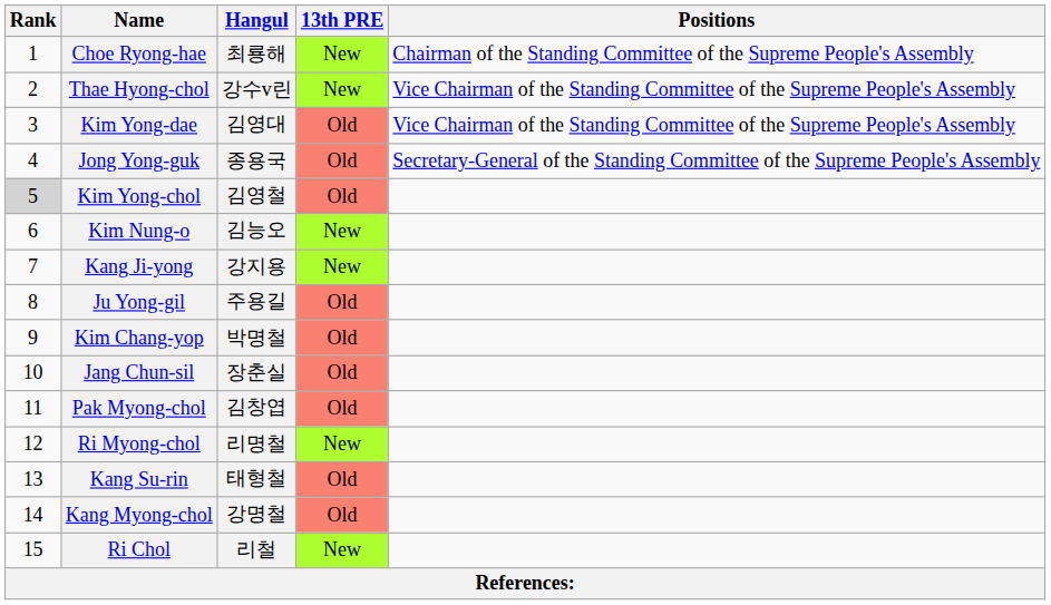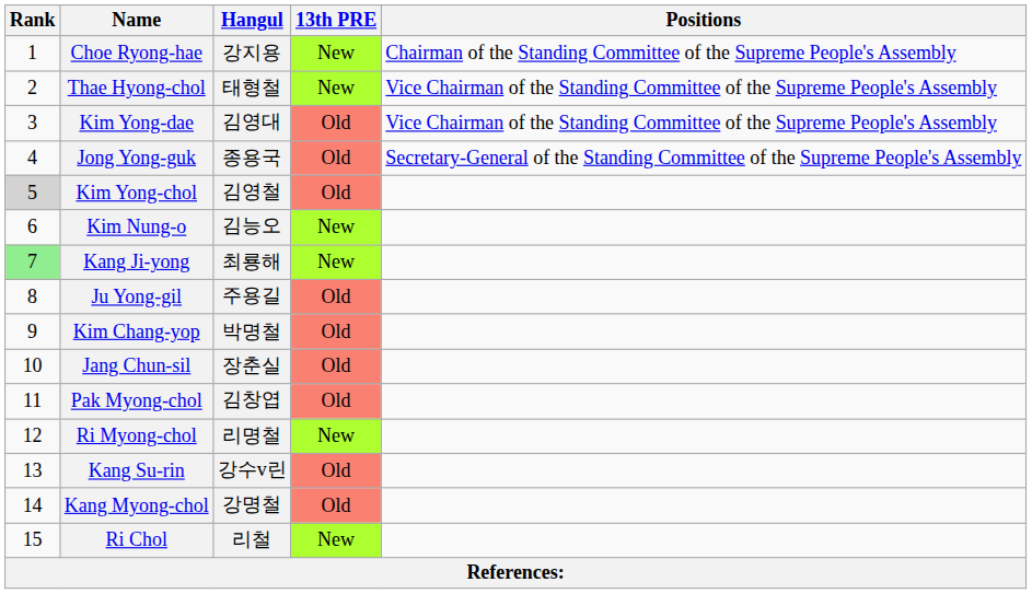 <table class="wikitable sortable">
 <tr>
 <th>Rank</th>
 <th>Name</th>
 <th class="unsortable"><a href='#'>Hangul</a></th>
 <th><a href='#'>13th PRE</a></th>
 <th>Positions</th>
 </tr>
 <tr>
 <td align="center">1</td>
 <th align="center" scope="row" style="font-weight:normal;"><a href='#'>Choe Ryong-hae</a></th>
-<th align="center" scope="row" style="font-weight:normal;">최룡해</th>
+<th align="center" scope="row" style="font-weight:normal;">강지용</th>
 <td align="center" style="background: GreenYellow">New</td>
 <td><a href='#'>Chairman</a> of the <a href='#'>Standing Committee</a> of the <a href='#'>Supreme People's Assembly</a></td>
 </tr>
 <tr>
 <td align="center">2</td>
 <th align="center" scope="row" style="font-weight:normal;"><a href='#'>Thae Hyong-chol</a></th>
-<th align="center" scope="row" style="font-weight:normal;">강수v린</th>
+<th align="center" scope="row" style="font-weight:normal;">태형철</th>
 <td align="center" style="background: GreenYellow">New</td>
 <td><a href='#'>Vice Chairman</a> of the <a href='#'>Standing Committee</a> of the <a href='#'>Supreme People's Assembly</a></td>
 </tr>
 <tr>
 <td align="center">3</td>
 <th align="center" scope="row" style="font-weight:normal;"><a href='#'>Kim Yong-dae</a></th>
 <th align="center" scope="row" style="font-weight:normal;">김영대</th>
 <td style="background: Salmon" align="center">Old</td>
 <td><a href='#'>Vice Chairman</a> of the <a href='#'>Standing Committee</a> of the <a href='#'>Supreme People's Assembly</a></td>
 </tr>
 <tr>
 <td align="center">4</td>
 <th align="center" scope="row" style="font-weight:normal;"><a href='#'>Jong Yong-guk</a></th>
 <th align="center" scope="row" style="font-weight:normal;">종용국</th>
 <td style="background: Salmon" align="center">Old</td>
 <td><a href='#'>Secretary-General</a> of the <a href='#'>Standing Committee</a> of the <a href='#'>Supreme People's Assembly</a></td>
 </tr>
 <tr>
 <td align="center" style="background: lightgrey;">5</td>
 <th align="center" scope="row" style="font-weight:normal;"><a href='#'>Kim Yong-chol</a></th>
 <th align="center" scope="row" style="font-weight:normal;">김영철</th>
 <td style="background: Salmon" align="center">Old</td>
 <td></td>
 </tr>
 <tr>
 <td align="center">6</td>
 <th align="center" scope="row" style="font-weight:normal;"><a href='#'>Kim Nung-o</a></th>
 <th align="center" scope="row" style="font-weight:normal;">김능오</th>
 <td align="center" style="background: GreenYellow">New</td>
 <td></td>
 </tr>
 <tr>
-<td align="center">7</td>
+<td align="center" style="background: lightgreen;">7</td>
 <th align="center" scope="row" style="font-weight:normal;"><a href='#'>Kang Ji-yong</a></th>
-<th align="center" scope="row" style="font-weight:normal;">강지용</th>
+<th align="center" scope="row" style="font-weight:normal;">최룡해</th>
 <td align="center" style="background: GreenYellow">New</td>
 <td></td>
 </tr>
 <tr>
 <td align="center">8</td>
 <th align="center" scope="row" style="font-weight:normal;"><a href='#'>Ju Yong-gil</a></th>
 <th align="center" scope="row" style="font-weight:normal;">주용길</th>
 <td style="background: Salmon" align="center">Old</td>
 <td></td>
 </tr>
 <tr>
 <td align="center">9</td>
 <th align="center" scope="row" style="font-weight:normal;"><a href='#'>Kim Chang-yop</a></th>
 <th align="center" scope="row" style="font-weight:normal;">박명철</th>
 <td style="background: Salmon" align="center">Old</td>
 <td></td>
 </tr>
 <tr>
 <td align="center">10</td>
 <th align="center" scope="row" style="font-weight:normal;"><a href='#'>Jang Chun-sil</a></th>
 <th align="center" scope="row" style="font-weight:normal;">장춘실</th>
 <td style="background: Salmon" align="center">Old</td>
 <td></td>
 </tr>
 <tr>
 <td align="center">11</td>
 <th align="center" scope="row" style="font-weight:normal;"><a href='#'>Pak Myong-chol</a></th>
 <th align="center" scope="row" style="font-weight:normal;">김창엽</th>
 <td style="background: Salmon" align="center">Old</td>
 <td></td>
 </tr>
 <tr>
 <td align="center">12</td>
 <th align="center" scope="row" style="font-weight:normal;"><a href='#'>Ri Myong-chol</a></th>
 <th align="center" scope="row" style="font-weight:normal;">리명철</th>
 <td align="center" style="background: GreenYellow">New</td>
 <td></td>
 </tr>
 <tr>
 <td align="center">13</td>
 <th align="center" scope="row" style="font-weight:normal;"><a href='#'>Kang Su-rin</a></th>
-<th align="center" scope="row" style="font-weight:normal;">태형철</th>
+<th align="center" scope="row" style="font-weight:normal;">강수v린</th>
 <td style="background: Salmon" align="center">Old</td>
 <td></td>
 </tr>
 <tr>
 <td align="center">14</td>
 <th align="center" scope="row" style="font-weight:normal;"><a href='#'>Kang Myong-chol</a></th>
 <th align="center" scope="row" style="font-weight:normal;">강명철</th>
 <td style="background: Salmon" align="center">Old</td>
 <td></td>
 </tr>
 <tr>
 <td align="center">15</td>
 <th align="center" scope="row" style="font-weight:normal;"><a href='#'>Ri Chol</a></th>
 <th align="center" scope="row" style="font-weight:normal;">리철</th>
 <td align="center" style="background: GreenYellow">New</td>
 <td></td>
 </tr>
 <tr>
 <th colspan="5" unsortable><strong>References:</strong><br></th>
 </tr>
 </table>
